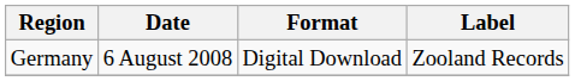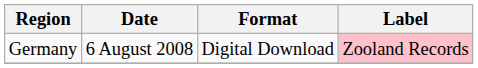 <table class=wikitable>
 <tr>
 <th>Region</th>
 <th>Date</th>
 <th>Format</th>
 <th>Label</th>
 </tr>
 <tr>
 <td>Germany</td>
 <td>6 August 2008</td>
 <td>Digital Download</td>
-<td>Zooland Records</td>
+<td style="background: pink;">Zooland Records</td>
 </tr>
 <tr>
 </tr>
 </table>
